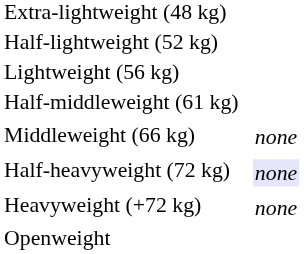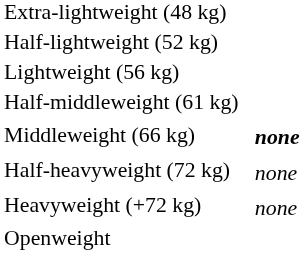 <table>
 <tr>
 <td rowspan=2>Extra-lightweight (48 kg)<br></td>
 <td rowspan=2></td>
 <td rowspan=2></td>
 <td></td>
 </tr>
 <tr>
 <td></td>
 </tr>
 <tr>
 <td rowspan=2>Half-lightweight (52 kg)<br></td>
 <td rowspan=2></td>
 <td rowspan=2></td>
 <td></td>
 </tr>
 <tr>
 <td></td>
 </tr>
 <tr>
 <td rowspan=2>Lightweight (56 kg)<br></td>
 <td rowspan=2></td>
 <td rowspan=2></td>
 <td></td>
 </tr>
 <tr>
 <td></td>
 </tr>
 <tr>
 <td rowspan=2>Half-middleweight (61 kg)<br></td>
 <td rowspan=2></td>
 <td rowspan=2></td>
 <td></td>
 </tr>
 <tr>
 <td></td>
 </tr>
 <tr>
 <td rowspan=2>Middleweight (66 kg)<br></td>
 <td rowspan=2></td>
 <td rowspan=2></td>
 <td></td>
 </tr>
 <tr>
-<td><em>none</em></td>
+<td><strong><em>none</em></strong></td>
 </tr>
 <tr>
 <td rowspan=2>Half-heavyweight (72 kg)<br></td>
 <td rowspan=2></td>
 <td rowspan=2></td>
 <td></td>
 </tr>
 <tr>
-<td style="background: lavender;"><em>none</em></td>
+<td><em>none</em></td>
 </tr>
 <tr>
 <td rowspan=2>Heavyweight (+72 kg)<br></td>
 <td rowspan=2></td>
 <td rowspan=2></td>
 <td></td>
 </tr>
 <tr>
 <td><em>none</em></td>
 </tr>
 <tr>
 <td rowspan=2>Openweight<br></td>
 <td rowspan=2></td>
 <td rowspan=2></td>
 <td></td>
 </tr>
 <tr>
 <td></td>
 </tr>
 </table>
